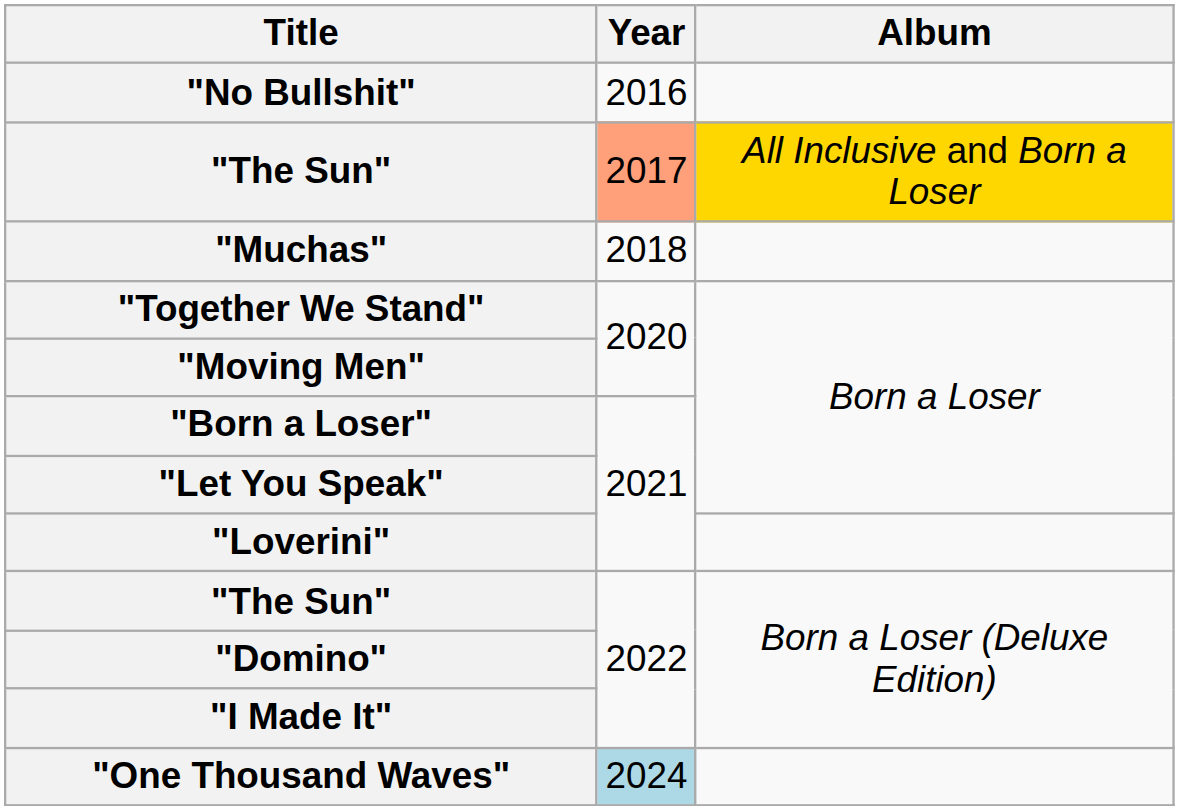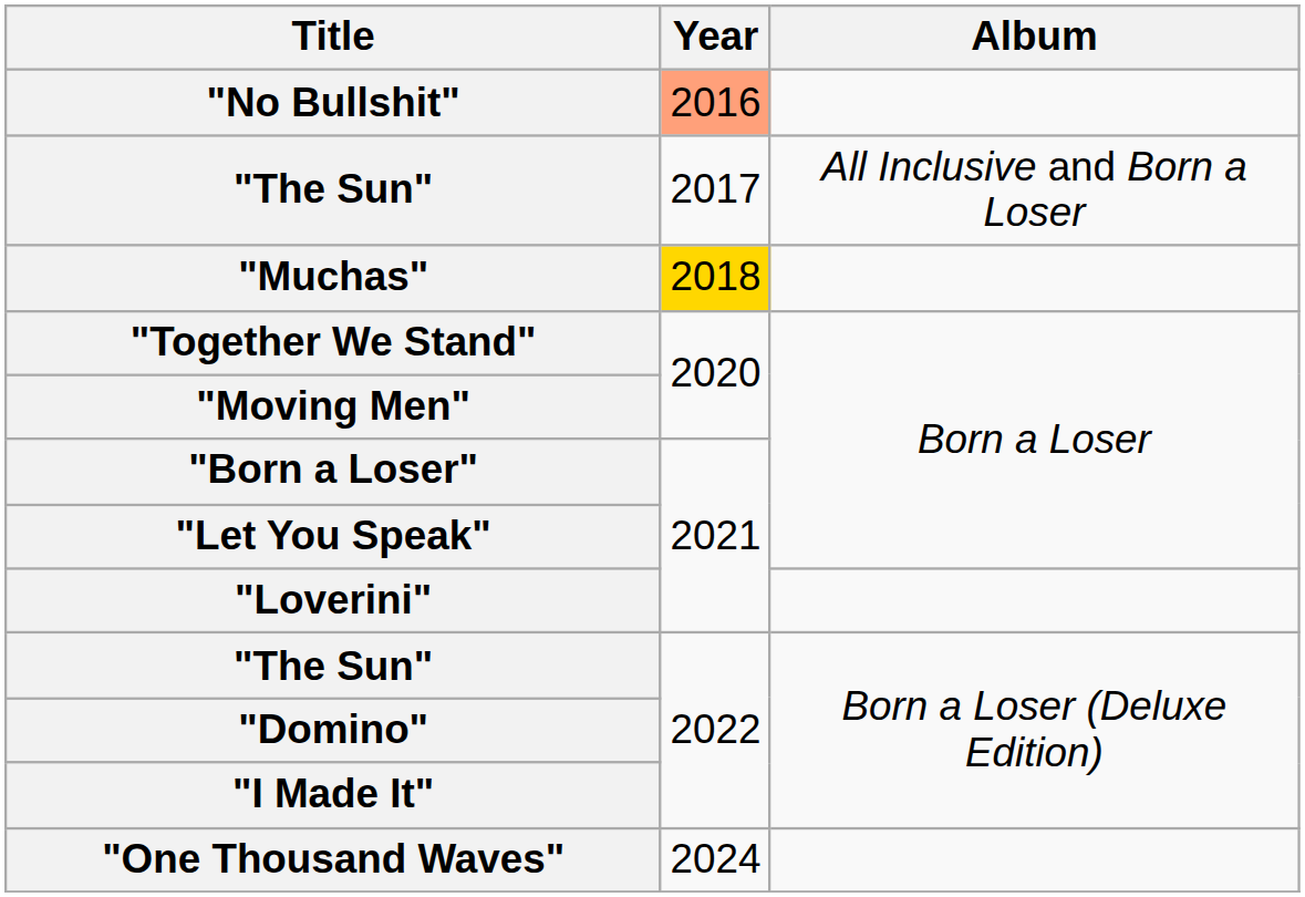 <table class="wikitable plainrowheaders" style="text-align:center;">
 <tr>
 <th scope="col" style="width:250px;">Title</th>
 <th scope="col">Year</th>
 <th scope="col" style="width:200px;">Album</th>
 </tr>
 <tr>
 <th scope="row">"No Bullshit"<br></th>
-<td>2016</td>
+<td style="background: lightsalmon;">2016</td>
 <td></td>
 </tr>
 <tr>
 <th scope="row">"The Sun"</th>
-<td style="background: lightsalmon;">2017</td>
-<td style="background: gold;"><em>All Inclusive</em> and <em>Born a Loser</em></td>
+<td>2017</td>
+<td><em>All Inclusive</em> and <em>Born a Loser</em></td>
 </tr>
 <tr>
 <th scope="row">"Muchas"<br></th>
-<td>2018</td>
+<td style="background: gold;">2018</td>
 <td></td>
 </tr>
 <tr>
 <th scope="row">"Together We Stand"</th>
 <td rowspan="2">2020</td>
 <td rowspan="4"><em>Born a Loser</em></td>
 </tr>
 <tr>
 <th scope="row">"Moving Men"<br></th>
 </tr>
 <tr>
 <th scope="row">"Born a Loser"</th>
 <td rowspan="3">2021</td>
 </tr>
 <tr>
 <th scope="row">"Let You Speak"</th>
 </tr>
 <tr>
 <th scope="row">"Loverini"<br></th>
 <td></td>
 </tr>
 <tr>
 <th scope="row">"The Sun"<br></th>
 <td rowspan="3">2022</td>
 <td rowspan="3"><em>Born a Loser (Deluxe Edition)</em></td>
 </tr>
 <tr>
 <th scope="row">"Domino"</th>
 </tr>
 <tr>
 <th scope="row">"I Made It"<br></th>
 </tr>
 <tr>
 <th scope="row">"One Thousand Waves"<br></th>
-<td style="background: lightblue;">2024</td>
+<td>2024</td>
 <td></td>
 </tr>
 <tr>
 </tr>
 </table>
